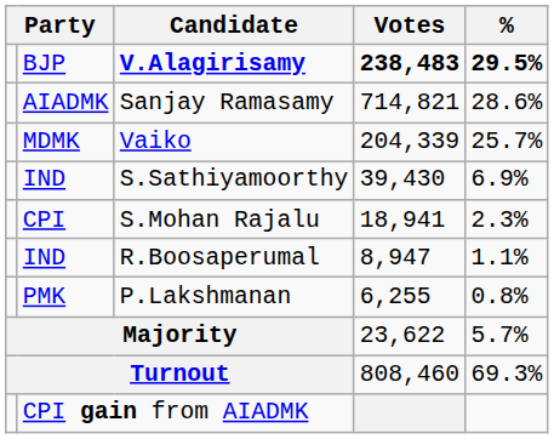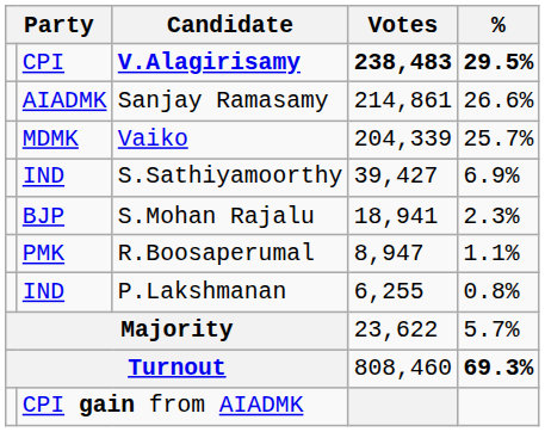 <table class="wikitable">
 <tr>
 <th colspan="2">Party</th>
 <th>Candidate</th>
 <th>Votes</th>
 <th>%</th>
 </tr>
 <tr>
 <td></td>
-<td><a href='#'>BJP</a></td>
+<td><a href='#'>CPI</a></td>
 <td><a href='#'><strong>V.Alagirisamy</strong></a></td>
 <td><strong>238,483</strong></td>
 <td><strong>29.5%</strong></td>
 </tr>
 <tr>
 <td></td>
 <td><a href='#'>AIADMK</a></td>
 <td>Sanjay Ramasamy</td>
-<td>714,821</td>
-<td>28.6%</td>
+<td>214,861</td>
+<td>26.6%</td>
 </tr>
 <tr>
 <td></td>
 <td><a href='#'>MDMK</a></td>
 <td><a href='#'>Vaiko</a></td>
 <td>204,339</td>
 <td>25.7%</td>
 </tr>
 <tr>
 <td></td>
 <td><a href='#'>IND</a></td>
 <td>S.Sathiyamoorthy</td>
-<td>39,430</td>
+<td>39,427</td>
 <td>6.9%</td>
 </tr>
 <tr>
 <td></td>
-<td><a href='#'>CPI</a></td>
+<td><a href='#'>BJP</a></td>
 <td>S.Mohan Rajalu</td>
 <td>18,941</td>
 <td>2.3%</td>
 </tr>
 <tr>
 <td></td>
-<td><a href='#'>IND</a></td>
+<td><a href='#'>PMK</a></td>
 <td>R.Boosaperumal</td>
 <td>8,947</td>
 <td>1.1%</td>
 </tr>
 <tr>
 <td></td>
-<td><a href='#'>PMK</a></td>
+<td><a href='#'>IND</a></td>
 <td>P.Lakshmanan</td>
 <td>6,255</td>
 <td>0.8%</td>
 </tr>
 <tr>
 <th colspan="3">Majority</th>
 <td>23,622</td>
 <td>5.7%</td>
 </tr>
 <tr>
 <th colspan="3"><a href='#'>Turnout</a></th>
 <td>808,460</td>
-<td>69.3%</td>
+<td><strong>69.3%</strong></td>
 </tr>
 <tr>
 <td></td>
 <td colspan="2"><a href='#'>CPI</a> <strong>gain</strong> from <a href='#'>AIADMK</a></td>
 <th></th>
 <td></td>
 </tr>
 </table>
